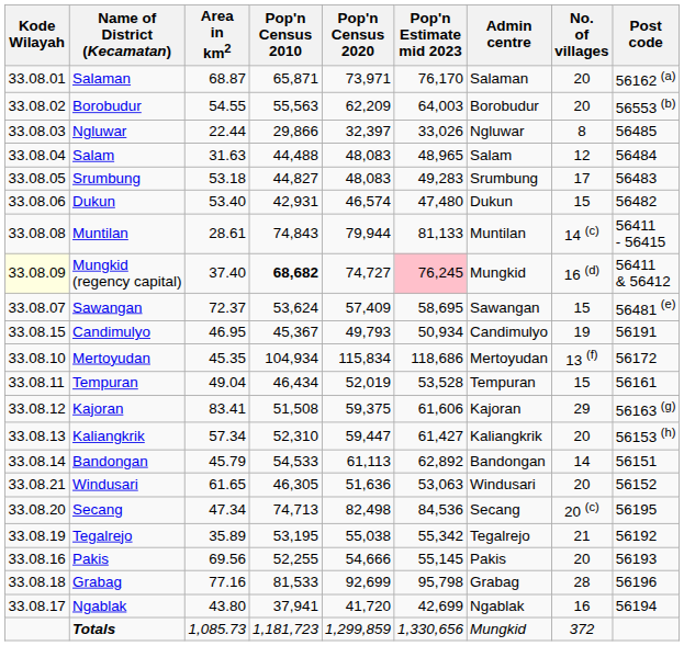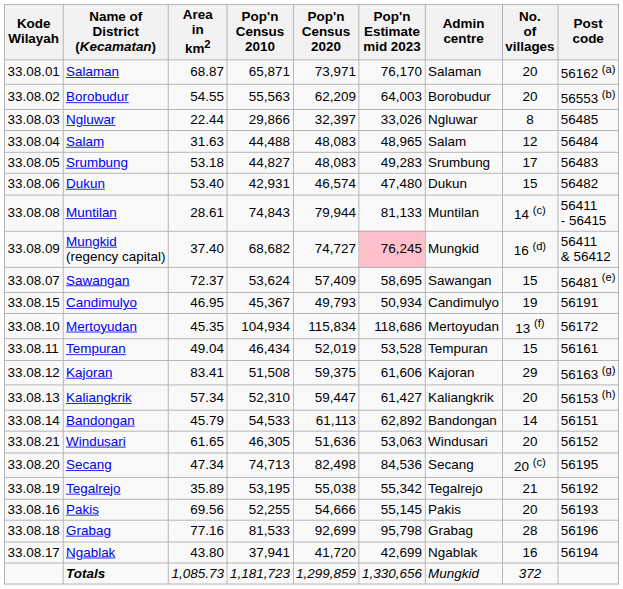 <table class="wikitable sortable">
 <tr>
 <th>Kode <br>Wilayah</th>
 <th>Name of<br>District<br> (<em>Kecamatan</em>)</th>
 <th>Area <br>in<br>km<sup>2</sup></th>
 <th>Pop'n<br>Census<br>2010</th>
 <th>Pop'n<br>Census<br>2020</th>
 <th>Pop'n<br>Estimate<br>mid 2023</th>
 <th>Admin<br>centre</th>
 <th>No.<br>of<br>villages</th>
 <th>Post<br>code</th>
 </tr>
 <tr>
 <td>33.08.01</td>
 <td><a href='#'>Salaman</a></td>
 <td align="right">68.87</td>
 <td align="right">65,871</td>
 <td align="right">73,971</td>
 <td align="right">76,170</td>
 <td>Salaman</td>
 <td align="center">20</td>
 <td>56162 <sup>(a)</sup></td>
 </tr>
 <tr>
 <td>33.08.02</td>
 <td><a href='#'>Borobudur</a></td>
 <td align="right">54.55</td>
 <td align="right">55,563</td>
 <td align="right">62,209</td>
 <td align="right">64,003</td>
 <td>Borobudur</td>
 <td align="center">20</td>
 <td>56553 <sup>(b)</sup></td>
 </tr>
 <tr>
 <td>33.08.03</td>
 <td><a href='#'>Ngluwar</a></td>
 <td align="right">22.44</td>
 <td align="right">29,866</td>
 <td align="right">32,397</td>
 <td align="right">33,026</td>
 <td>Ngluwar</td>
 <td align="center">8</td>
 <td>56485</td>
 </tr>
 <tr>
 <td>33.08.04</td>
 <td><a href='#'>Salam</a></td>
 <td align="right">31.63</td>
 <td align="right">44,488</td>
 <td align="right">48,083</td>
 <td align="right">48,965</td>
 <td>Salam</td>
 <td align="center">12</td>
 <td>56484</td>
 </tr>
 <tr>
 <td>33.08.05</td>
 <td><a href='#'>Srumbung</a></td>
 <td align="right">53.18</td>
 <td align="right">44,827</td>
 <td align="right">48,083</td>
 <td align="right">49,283</td>
 <td>Srumbung</td>
 <td align="center">17</td>
 <td>56483</td>
 </tr>
 <tr>
 <td>33.08.06</td>
 <td><a href='#'>Dukun</a></td>
 <td align="right">53.40</td>
 <td align="right">42,931</td>
 <td align="right">46,574</td>
 <td align="right">47,480</td>
 <td>Dukun</td>
 <td align="center">15</td>
 <td>56482</td>
 </tr>
 <tr>
 <td>33.08.08</td>
 <td><a href='#'>Muntilan</a></td>
 <td align="right">28.61</td>
 <td align="right">74,843</td>
 <td align="right">79,944</td>
 <td align="right">81,133</td>
 <td>Muntilan</td>
 <td align="center">14 <sup>(c)</sup></td>
 <td>56411<br>- 56415</td>
 </tr>
 <tr>
-<td style="background: lightyellow;">33.08.09</td>
+<td>33.08.09</td>
 <td><a href='#'>Mungkid</a> <br>(regency capital)</td>
 <td align="right">37.40</td>
-<td align="right"><strong>68,682</strong></td>
+<td align="right">68,682</td>
 <td align="right">74,727</td>
 <td align="right" style="background: pink;">76,245</td>
 <td>Mungkid</td>
 <td align="center">16 <sup>(d)</sup></td>
 <td>56411<br>& 56412</td>
 </tr>
 <tr>
 <td>33.08.07</td>
 <td><a href='#'>Sawangan</a></td>
 <td align="right">72.37</td>
 <td align="right">53,624</td>
 <td align="right">57,409</td>
 <td align="right">58,695</td>
 <td>Sawangan</td>
 <td align="center">15</td>
 <td>56481 <sup>(e)</sup></td>
 </tr>
 <tr>
 <td>33.08.15</td>
 <td><a href='#'>Candimulyo</a></td>
 <td align="right">46.95</td>
 <td align="right">45,367</td>
 <td align="right">49,793</td>
 <td align="right">50,934</td>
 <td>Candimulyo</td>
 <td align="center">19</td>
 <td>56191</td>
 </tr>
 <tr>
 <td>33.08.10</td>
 <td><a href='#'>Mertoyudan</a></td>
 <td align="right">45.35</td>
 <td align="right">104,934</td>
 <td align="right">115,834</td>
 <td align="right">118,686</td>
 <td>Mertoyudan</td>
 <td align="center">13 <sup>(f)</sup></td>
 <td>56172</td>
 </tr>
 <tr>
 <td>33.08.11</td>
 <td><a href='#'>Tempuran</a></td>
 <td align="right">49.04</td>
 <td align="right">46,434</td>
 <td align="right">52,019</td>
 <td align="right">53,528</td>
 <td>Tempuran</td>
 <td align="center">15</td>
 <td>56161</td>
 </tr>
 <tr>
 <td>33.08.12</td>
 <td><a href='#'>Kajoran</a></td>
 <td align="right">83.41</td>
 <td align="right">51,508</td>
 <td align="right">59,375</td>
 <td align="right">61,606</td>
 <td>Kajoran</td>
 <td align="center">29</td>
 <td>56163 <sup>(g)</sup></td>
 </tr>
 <tr>
 <td>33.08.13</td>
 <td><a href='#'>Kaliangkrik</a></td>
 <td align="right">57.34</td>
 <td align="right">52,310</td>
 <td align="right">59,447</td>
 <td align="right">61,427</td>
 <td>Kaliangkrik</td>
 <td align="center">20</td>
 <td>56153 <sup>(h)</sup></td>
 </tr>
 <tr>
 <td>33.08.14</td>
 <td><a href='#'>Bandongan</a></td>
 <td align="right">45.79</td>
 <td align="right">54,533</td>
 <td align="right">61,113</td>
 <td align="right">62,892</td>
 <td>Bandongan</td>
 <td align="center">14</td>
 <td>56151</td>
 </tr>
 <tr>
 <td>33.08.21</td>
 <td><a href='#'>Windusari</a></td>
 <td align="right">61.65</td>
 <td align="right">46,305</td>
 <td align="right">51,636</td>
 <td align="right">53,063</td>
 <td>Windusari</td>
 <td align="center">20</td>
 <td>56152</td>
 </tr>
 <tr>
 <td>33.08.20</td>
 <td><a href='#'>Secang</a></td>
 <td align="right">47.34</td>
 <td align="right">74,713</td>
 <td align="right">82,498</td>
 <td align="right">84,536</td>
 <td>Secang</td>
 <td align="center">20 <sup>(c)</sup></td>
 <td>56195</td>
 </tr>
 <tr>
 <td>33.08.19</td>
 <td><a href='#'>Tegalrejo</a></td>
 <td align="right">35.89</td>
 <td align="right">53,195</td>
 <td align="right">55,038</td>
 <td align="right">55,342</td>
 <td>Tegalrejo</td>
 <td align="center">21</td>
 <td>56192</td>
 </tr>
 <tr>
 <td>33.08.16</td>
 <td><a href='#'>Pakis</a></td>
 <td align="right">69.56</td>
 <td align="right">52,255</td>
 <td align="right">54,666</td>
 <td align="right">55,145</td>
 <td>Pakis</td>
 <td align="center">20</td>
 <td>56193</td>
 </tr>
 <tr>
 <td>33.08.18</td>
 <td><a href='#'>Grabag</a></td>
 <td align="right">77.16</td>
 <td align="right">81,533</td>
 <td align="right">92,699</td>
 <td align="right">95,798</td>
 <td>Grabag</td>
 <td align="center">28</td>
 <td>56196</td>
 </tr>
 <tr>
 <td>33.08.17</td>
 <td><a href='#'>Ngablak</a></td>
 <td align="right">43.80</td>
 <td align="right">37,941</td>
 <td align="right">41,720</td>
 <td align="right">42,699</td>
 <td>Ngablak</td>
 <td align="center">16</td>
 <td>56194</td>
 </tr>
 <tr>
 <td></td>
 <td><strong><em>Totals</em></strong></td>
 <td align="right"><em>1,085.73</em></td>
 <td align="right"><em>1,181,723</em></td>
 <td align="right"><em>1,299,859</em></td>
 <td align="right"><em>1,330,656</em></td>
 <td><em>Mungkid</em></td>
 <td align="center"><em>372</em></td>
 </tr>
 </table>
